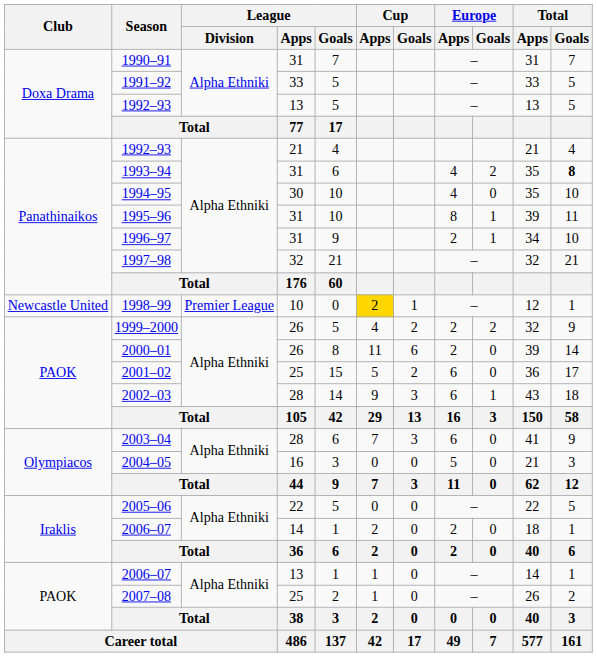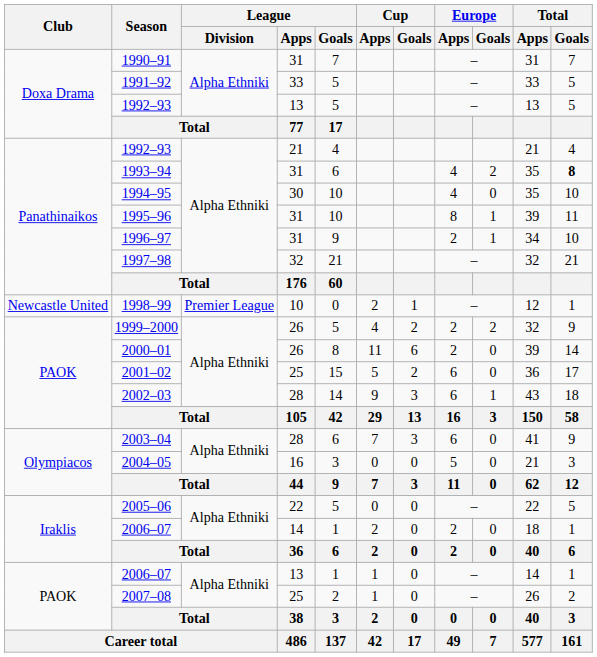 <table class="wikitable" style="text-align:center">
 <tr>
 <th rowspan="2">Club</th>
 <th rowspan="2">Season</th>
 <th colspan="3">League</th>
 <th colspan="2">Cup</th>
 <th colspan="2"><a href='#'>Europe</a></th>
 <th colspan="2">Total</th>
 </tr>
 <tr>
 <th>Division</th>
 <th>Apps</th>
 <th>Goals</th>
 <th>Apps</th>
 <th>Goals</th>
 <th>Apps</th>
 <th>Goals</th>
 <th>Apps</th>
 <th>Goals</th>
 </tr>
 <tr>
 <td rowspan="4"><a href='#'>Doxa Drama</a></td>
 <td><a href='#'>1990–91</a></td>
 <td rowspan="3"><a href='#'>Alpha Ethniki</a></td>
 <td>31</td>
 <td>7</td>
 <td></td>
 <td></td>
 <td colspan="2">–</td>
 <td>31</td>
 <td>7</td>
 </tr>
 <tr>
 <td><a href='#'>1991–92</a></td>
 <td>33</td>
 <td>5</td>
 <td></td>
 <td></td>
 <td colspan="2">–</td>
 <td>33</td>
 <td>5</td>
 </tr>
 <tr>
 <td><a href='#'>1992–93</a></td>
 <td>13</td>
 <td>5</td>
 <td></td>
 <td></td>
 <td colspan="2">–</td>
 <td>13</td>
 <td>5</td>
 </tr>
 <tr>
 <th colspan="2">Total</th>
 <th>77</th>
 <th>17</th>
 <th></th>
 <th></th>
 <th></th>
 <th></th>
 <th></th>
 <th></th>
 </tr>
 <tr>
 <td rowspan="7"><a href='#'>Panathinaikos</a></td>
 <td><a href='#'>1992–93</a></td>
 <td rowspan="6">Alpha Ethniki</td>
 <td>21</td>
 <td>4</td>
 <td></td>
 <td></td>
 <td></td>
 <td></td>
 <td>21</td>
 <td>4</td>
 </tr>
 <tr>
 <td><a href='#'>1993–94</a></td>
 <td>31</td>
 <td>6</td>
 <td></td>
 <td></td>
 <td>4</td>
 <td>2</td>
 <td>35</td>
 <td><strong>8</strong></td>
 </tr>
 <tr>
 <td><a href='#'>1994–95</a></td>
 <td>30</td>
 <td>10</td>
 <td></td>
 <td></td>
 <td>4</td>
 <td>0</td>
 <td>35</td>
 <td>10</td>
 </tr>
 <tr>
 <td><a href='#'>1995–96</a></td>
 <td>31</td>
 <td>10</td>
 <td></td>
 <td></td>
 <td>8</td>
 <td>1</td>
 <td>39</td>
 <td>11</td>
 </tr>
 <tr>
 <td><a href='#'>1996–97</a></td>
 <td>31</td>
 <td>9</td>
 <td></td>
 <td></td>
 <td>2</td>
 <td>1</td>
 <td>34</td>
 <td>10</td>
 </tr>
 <tr>
 <td><a href='#'>1997–98</a></td>
 <td>32</td>
 <td>21</td>
 <td></td>
 <td></td>
 <td colspan="2">–</td>
 <td>32</td>
 <td>21</td>
 </tr>
 <tr>
 <th colspan="2">Total</th>
 <th>176</th>
 <th>60</th>
 <th></th>
 <th></th>
 <th></th>
 <th></th>
 <th></th>
 <th></th>
 </tr>
 <tr>
 <td><a href='#'>Newcastle United</a></td>
 <td><a href='#'>1998–99</a></td>
 <td><a href='#'>Premier League</a></td>
 <td>10</td>
 <td>0</td>
-<td style="background: gold;">2</td>
+<td>2</td>
 <td>1</td>
 <td colspan="2">–</td>
 <td>12</td>
 <td>1</td>
 </tr>
 <tr>
 <td rowspan="5"><a href='#'>PAOK</a></td>
 <td><a href='#'>1999–2000</a></td>
 <td rowspan="4">Alpha Ethniki</td>
 <td>26</td>
 <td>5</td>
 <td>4</td>
 <td>2</td>
 <td>2</td>
 <td>2</td>
 <td>32</td>
 <td>9</td>
 </tr>
 <tr>
 <td><a href='#'>2000–01</a></td>
 <td>26</td>
 <td>8</td>
 <td>11</td>
 <td>6</td>
 <td>2</td>
 <td>0</td>
 <td>39</td>
 <td>14</td>
 </tr>
 <tr>
 <td><a href='#'>2001–02</a></td>
 <td>25</td>
 <td>15</td>
 <td>5</td>
 <td>2</td>
 <td>6</td>
 <td>0</td>
 <td>36</td>
 <td>17</td>
 </tr>
 <tr>
 <td><a href='#'>2002–03</a></td>
 <td>28</td>
 <td>14</td>
 <td>9</td>
 <td>3</td>
 <td>6</td>
 <td>1</td>
 <td>43</td>
 <td>18</td>
 </tr>
 <tr>
 <th colspan="2">Total</th>
 <th>105</th>
 <th>42</th>
 <th>29</th>
 <th>13</th>
 <th>16</th>
 <th>3</th>
 <th>150</th>
 <th>58</th>
 </tr>
 <tr>
 <td rowspan="3"><a href='#'>Olympiacos</a></td>
 <td><a href='#'>2003–04</a></td>
 <td rowspan="2">Alpha Ethniki</td>
 <td>28</td>
 <td>6</td>
 <td>7</td>
 <td>3</td>
 <td>6</td>
 <td>0</td>
 <td>41</td>
 <td>9</td>
 </tr>
 <tr>
 <td><a href='#'>2004–05</a></td>
 <td>16</td>
 <td>3</td>
 <td>0</td>
 <td>0</td>
 <td>5</td>
 <td>0</td>
 <td>21</td>
 <td>3</td>
 </tr>
 <tr>
 <th colspan="2">Total</th>
 <th>44</th>
 <th>9</th>
 <th>7</th>
 <th>3</th>
 <th>11</th>
 <th>0</th>
 <th>62</th>
 <th>12</th>
 </tr>
 <tr>
 <td rowspan="3"><a href='#'>Iraklis</a></td>
 <td><a href='#'>2005–06</a></td>
 <td rowspan="2">Alpha Ethniki</td>
 <td>22</td>
 <td>5</td>
 <td>0</td>
 <td>0</td>
 <td colspan="2">–</td>
 <td>22</td>
 <td>5</td>
 </tr>
 <tr>
 <td><a href='#'>2006–07</a></td>
 <td>14</td>
 <td>1</td>
 <td>2</td>
 <td>0</td>
 <td>2</td>
 <td>0</td>
 <td>18</td>
 <td>1</td>
 </tr>
 <tr>
 <th colspan="2">Total</th>
 <th>36</th>
 <th>6</th>
 <th>2</th>
 <th>0</th>
 <th>2</th>
 <th>0</th>
 <th>40</th>
 <th>6</th>
 </tr>
 <tr>
 <td rowspan="3">PAOK</td>
 <td><a href='#'>2006–07</a></td>
 <td rowspan="2">Alpha Ethniki</td>
 <td>13</td>
 <td>1</td>
 <td>1</td>
 <td>0</td>
 <td colspan="2">–</td>
 <td>14</td>
 <td>1</td>
 </tr>
 <tr>
 <td><a href='#'>2007–08</a></td>
 <td>25</td>
 <td>2</td>
 <td>1</td>
 <td>0</td>
 <td colspan="2">–</td>
 <td>26</td>
 <td>2</td>
 </tr>
 <tr>
 <th colspan="2">Total</th>
 <th>38</th>
 <th>3</th>
 <th>2</th>
 <th>0</th>
 <th>0</th>
 <th>0</th>
 <th>40</th>
 <th>3</th>
 </tr>
 <tr>
 <th colspan="3">Career total</th>
 <th>486</th>
 <th>137</th>
 <th>42</th>
 <th>17</th>
 <th>49</th>
 <th>7</th>
 <th>577</th>
 <th>161</th>
 </tr>
 </table>
